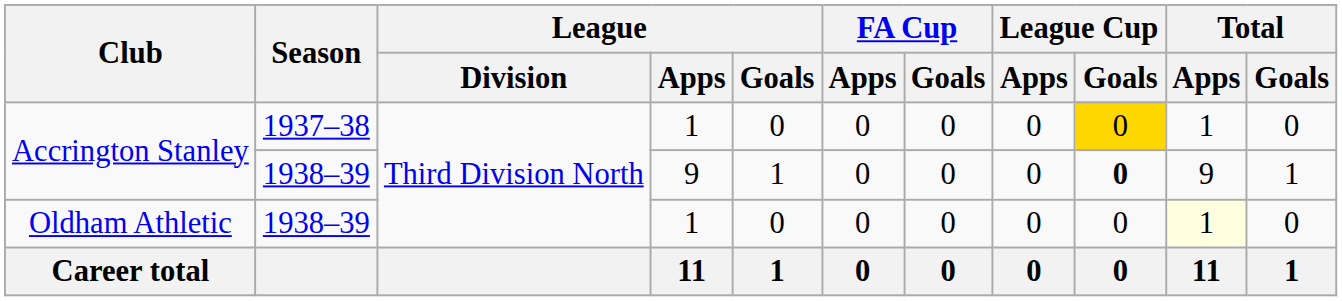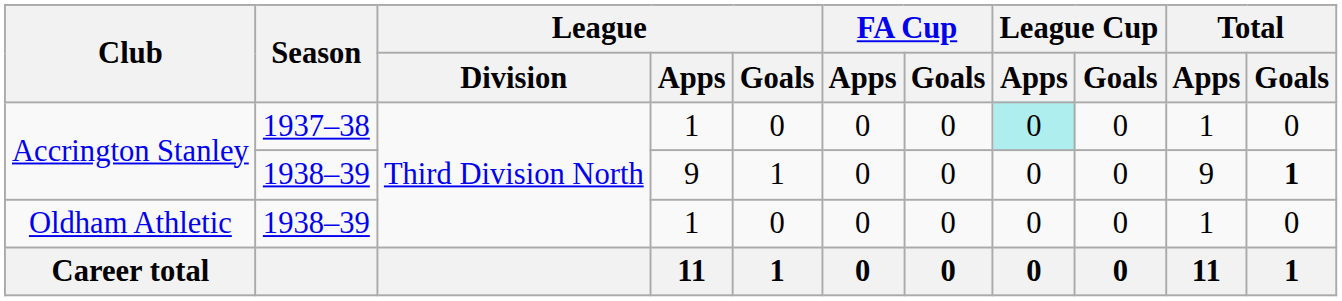 <table class="wikitable" style="text-align: center">
 <tr>
 <th rowspan="2">Club</th>
 <th rowspan="2">Season</th>
 <th colspan="3">League</th>
 <th colspan="2"><a href='#'>FA Cup</a></th>
 <th colspan="2">League Cup</th>
 <th colspan="2">Total</th>
 </tr>
 <tr>
 <th>Division</th>
 <th>Apps</th>
 <th>Goals</th>
 <th>Apps</th>
 <th>Goals</th>
 <th>Apps</th>
 <th>Goals</th>
 <th>Apps</th>
 <th>Goals</th>
 </tr>
 <tr>
 <td rowspan="2"><a href='#'>Accrington Stanley</a></td>
 <td><a href='#'>1937–38</a></td>
 <td rowspan="3"><a href='#'>Third Division North</a></td>
 <td>1</td>
 <td>0</td>
 <td>0</td>
 <td>0</td>
+<td style="background: paleturquoise;">0</td>
 <td>0</td>
-<td style="background: gold;">0</td>
 <td>1</td>
 <td>0</td>
 </tr>
 <tr>
 <td><a href='#'>1938–39</a></td>
 <td>9</td>
 <td>1</td>
 <td>0</td>
 <td>0</td>
 <td>0</td>
-<td><strong>0</strong></td>
+<td>0</td>
 <td>9</td>
-<td>1</td>
+<td><strong>1</strong></td>
 </tr>
 <tr>
 <td><a href='#'>Oldham Athletic</a></td>
 <td><a href='#'>1938–39</a></td>
 <td>1</td>
 <td>0</td>
 <td>0</td>
 <td>0</td>
 <td>0</td>
 <td>0</td>
-<td style="background: lightyellow;">1</td>
+<td>1</td>
 <td>0</td>
 </tr>
 <tr>
 <th>Career total</th>
 <th></th>
 <th></th>
 <th>11</th>
 <th>1</th>
 <th>0</th>
 <th>0</th>
 <th>0</th>
 <th>0</th>
 <th>11</th>
 <th>1</th>
 </tr>
 </table>
